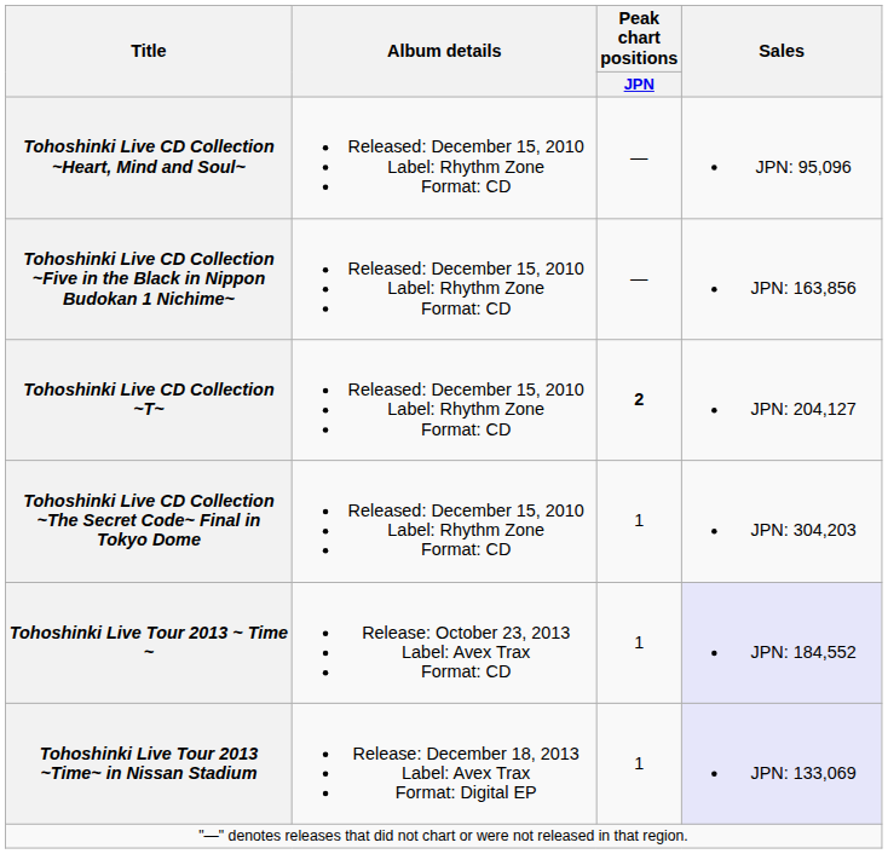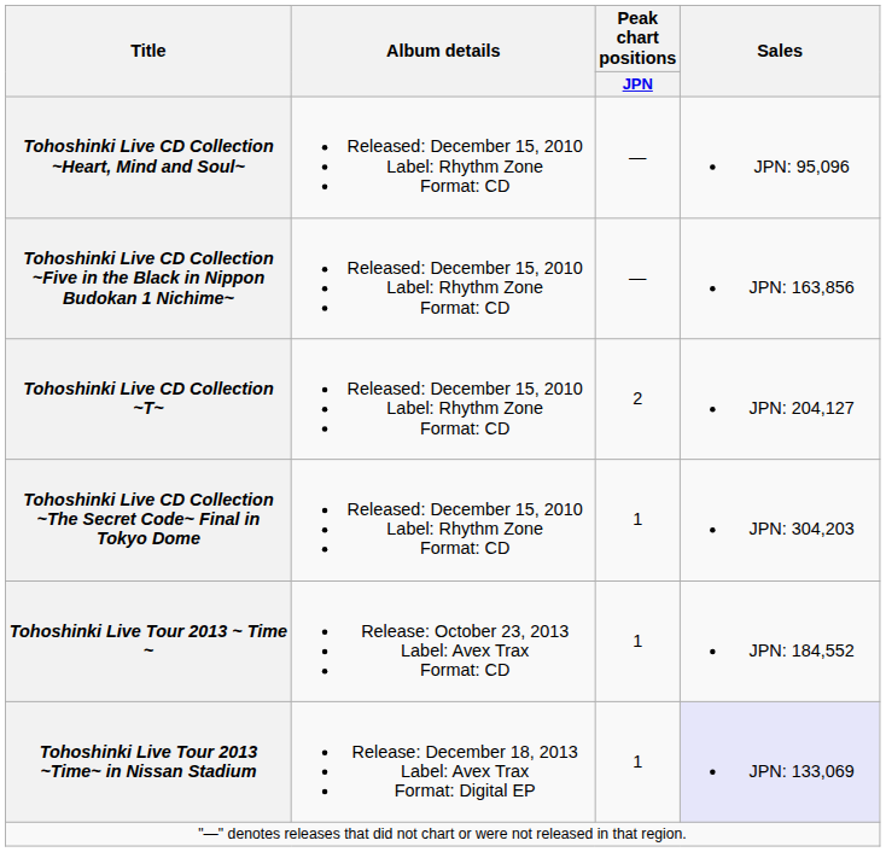 <table class="wikitable plainrowheaders" style="text-align:center;">
 <tr>
 <th scope="col" rowspan="2" style="width:16em;">Title</th>
 <th scope="col" rowspan="2" style="width:17em;">Album details</th>
 <th scope="col" colspan="1">Peak chart positions</th>
 <th scope="col" rowspan="2" style="width:11em;">Sales</th>
 </tr>
 <tr>
 <th scope="col" style="width:3em;font-size:90%;"><a href='#'>JPN</a><br></th>
 </tr>
 <tr>
 <th scope="row"><em>Tohoshinki Live CD Collection<br>~Heart, Mind and Soul~</em></th>
 <td><br><ul><li>Released: December 15, 2010</li><li>Label: Rhythm Zone</li><li>Format: CD</li></ul></td>
 <td>—</td>
 <td><br><ul><li>JPN: 95,096</li></ul></td>
 </tr>
 <tr>
 <th scope="row"><em>Tohoshinki Live CD Collection<br>~Five in the Black in Nippon Budokan 1 Nichime~</em></th>
 <td><br><ul><li>Released: December 15, 2010</li><li>Label: Rhythm Zone</li><li>Format: CD</li></ul></td>
 <td>—</td>
 <td><br><ul><li>JPN: 163,856</li></ul></td>
 </tr>
 <tr>
 <th scope="row"><em>Tohoshinki Live CD Collection ~T~</em></th>
 <td><br><ul><li>Released: December 15, 2010</li><li>Label: Rhythm Zone</li><li>Format: CD</li></ul></td>
-<td><strong>2</strong></td>
+<td>2</td>
 <td><br><ul><li>JPN: 204,127</li></ul></td>
 </tr>
 <tr>
 <th scope="row"><em>Tohoshinki Live CD Collection<br>~The Secret Code~ Final in Tokyo Dome</em></th>
 <td><br><ul><li>Released: December 15, 2010</li><li>Label: Rhythm Zone</li><li>Format: CD</li></ul></td>
 <td>1</td>
 <td><br><ul><li>JPN: 304,203</li></ul></td>
 </tr>
 <tr>
 <th scope="row"><em>Tohoshinki Live Tour 2013 ~ Time ~</em></th>
 <td><br><ul><li>Release: October 23, 2013</li><li>Label: Avex Trax</li><li>Format: CD</li></ul></td>
 <td>1</td>
-<td style="background: lavender;"><br><ul><li>JPN: 184,552</li></ul></td>
+<td><br><ul><li>JPN: 184,552</li></ul></td>
 </tr>
 <tr>
 <th scope="row"><em>Tohoshinki Live Tour 2013 ~Time~ in Nissan Stadium</em></th>
 <td><br><ul><li>Release: December 18, 2013</li><li>Label: Avex Trax</li><li>Format: Digital EP</li></ul></td>
 <td>1</td>
 <td style="background: lavender;"><br><ul><li>JPN: 133,069</li></ul></td>
 </tr>
 <tr>
 <td colspan="12" style="font-size:85%">"—" denotes releases that did not chart or were not released in that region.</td>
 </tr>
 </table>
